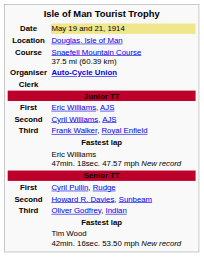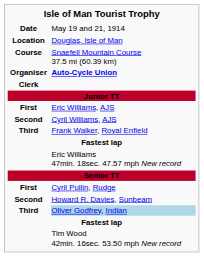 <table class="infobox" style="width:25em; font-size:80%;">
 <tr>
 <th colspan="2"  style="background:; text-align:center;"><big><span>Isle of Man Tourist Trophy</span></big></th>
 </tr>
 <tr>
 <th colspan="2"></th>
 </tr>
 <tr>
 <th>Date</th>
-<td valign="top" style="background: khaki;">May 19 and 21, 1914</td>
+<td valign="top">May 19 and 21, 1914</td>
 </tr>
 <tr>
 <th>Location</th>
 <td valign="top"><a href='#'>Douglas, Isle of Man</a></td>
 </tr>
 <tr>
 <th>Course</th>
 <td valign="top"><a href='#'>Snaefell Mountain Course</a> <br> 37.5 mi (60.39 km)</td>
 </tr>
 <tr>
 <th>Organiser</th>
 <td valign="top"><strong><a href='#'>Auto-Cycle Union</a></strong></td>
 </tr>
 <tr>
 <th>Clerk</th>
 <td valign="top"></td>
 </tr>
 <tr>
 <th colspan="2"  style="background:#bd002b; text-align:center;"><span>Junior TT</span></th>
 </tr>
 <tr>
 <th>First</th>
 <td valign="top"><a href='#'>Eric Williams</a>, <a href='#'>AJS</a></td>
 </tr>
 <tr>
 <th>Second</th>
 <td valign="top"><a href='#'>Cyril Williams</a>, <a href='#'>AJS</a></td>
 </tr>
 <tr>
 <th>Third</th>
 <td valign="top"><a href='#'>Frank Walker</a>, <a href='#'>Royal Enfield</a></td>
 </tr>
 <tr>
 <th colspan="2"  style="background:#; text-align:center;"><span>Fastest lap</span></th>
 </tr>
 <tr>
 <th></th>
 <td valign="top">Eric Williams <br> 47min. 18sec. 47.57 mph <em>New record</em></td>
 </tr>
 <tr>
 </tr>
 <tr>
 <th colspan="2"  style="background:#bd002b; text-align:center;"><span>Senior TT</span></th>
 </tr>
 <tr>
 <th>First</th>
 <td valign="top"><a href='#'>Cyril Pullin</a>, <a href='#'>Rudge</a></td>
 </tr>
 <tr>
 <th>Second</th>
 <td valign="top"><a href='#'>Howard R. Davies</a>, <a href='#'>Sunbeam</a></td>
 </tr>
 <tr>
 <th>Third</th>
-<td valign="top"><a href='#'>Oliver Godfrey</a>, <a href='#'>Indian</a></td>
+<td valign="top" style="background: lightblue;"><a href='#'>Oliver Godfrey</a>, <a href='#'>Indian</a></td>
 </tr>
 <tr>
 <th colspan="2"  style="background:#; text-align:center;"><span>Fastest lap</span></th>
 </tr>
 <tr>
 <th></th>
 <td valign="top">Tim Wood <br> 42min. 16sec. 53.50 mph <em>New record</em></td>
 </tr>
 <tr>
 </tr>
 </table>
